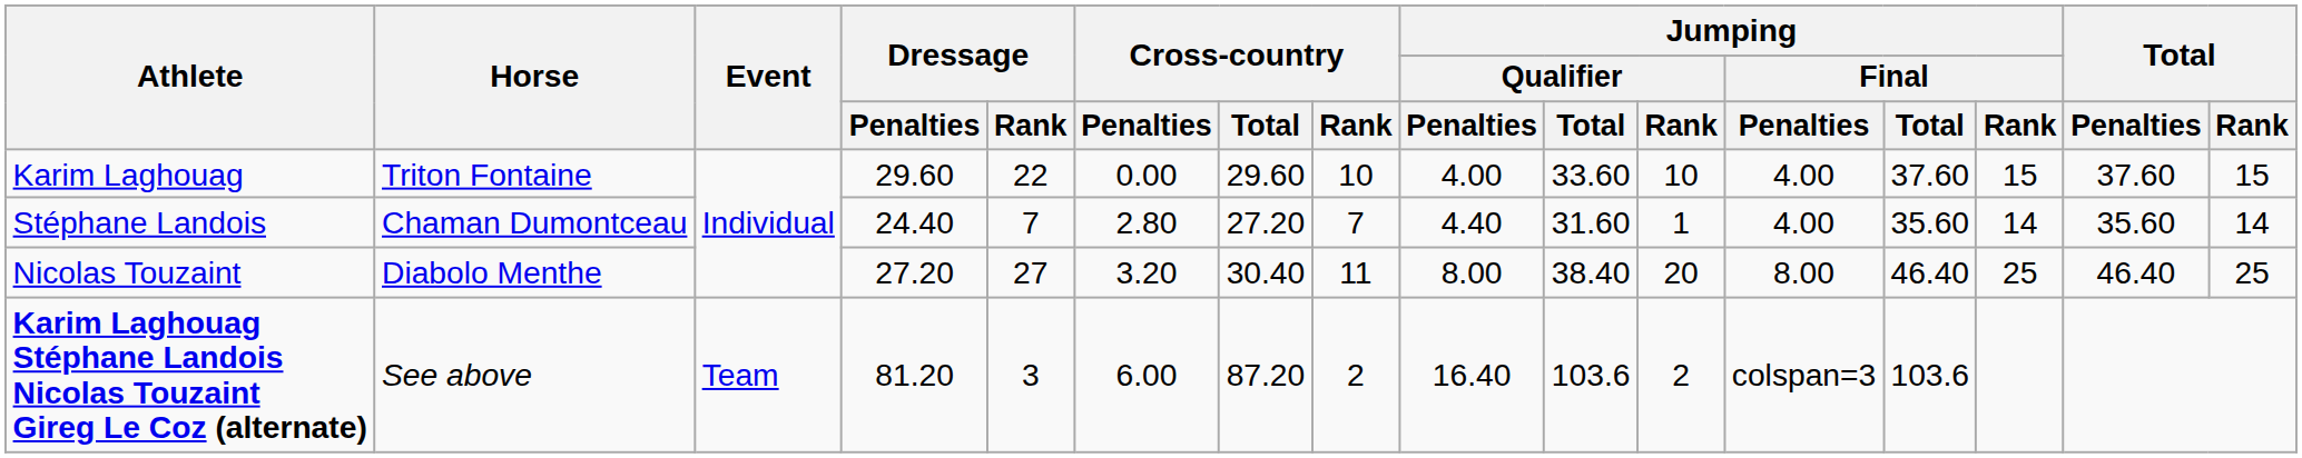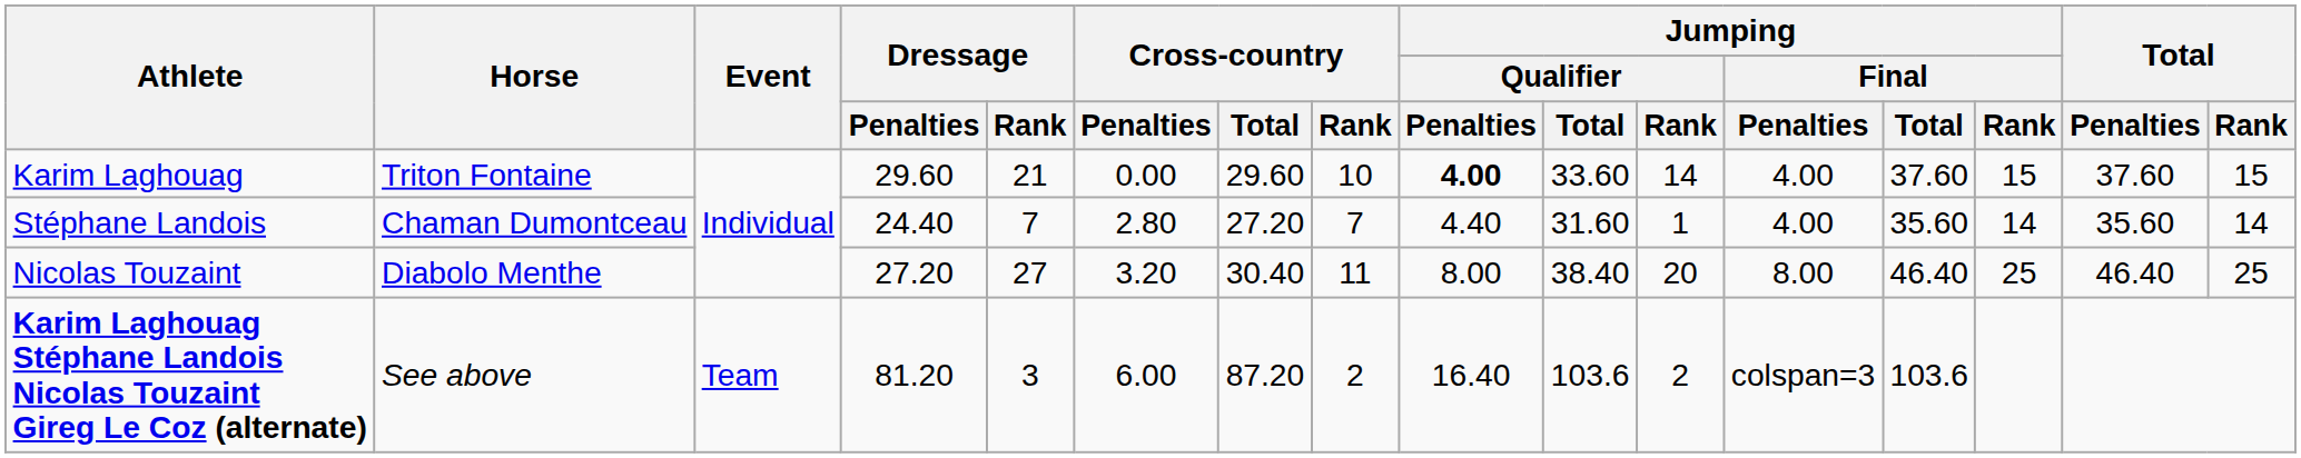 <table class=wikitable style=font-size:90%;text-align:center>
 <tr>
 <th rowspan="3">Athlete</th>
 <th rowspan="3">Horse</th>
 <th rowspan="3">Event</th>
 <th colspan="2" rowspan="2">Dressage</th>
 <th colspan="3" rowspan="2">Cross-country</th>
 <th colspan="6">Jumping</th>
 <th colspan="2" rowspan="2">Total</th>
 </tr>
 <tr style="font-size:95%">
 <th colspan="3">Qualifier</th>
 <th colspan="3">Final</th>
 </tr>
 <tr style="font-size:95%">
 <th>Penalties</th>
 <th>Rank</th>
 <th>Penalties</th>
 <th>Total</th>
 <th>Rank</th>
 <th>Penalties</th>
 <th>Total</th>
 <th>Rank</th>
 <th>Penalties</th>
 <th>Total</th>
 <th>Rank</th>
 <th>Penalties</th>
 <th>Rank</th>
 </tr>
 <tr>
 <td align=left><a href='#'>Karim Laghouag</a></td>
 <td align=left><a href='#'>Triton Fontaine</a></td>
 <td rowspan=3 align=left><a href='#'>Individual</a></td>
 <td>29.60</td>
-<td>22</td>
+<td>21</td>
 <td>0.00</td>
 <td>29.60</td>
 <td>10</td>
-<td>4.00</td>
+<td><strong>4.00</strong></td>
 <td>33.60</td>
-<td>10</td>
+<td>14</td>
 <td>4.00</td>
 <td>37.60</td>
 <td>15</td>
 <td>37.60</td>
 <td>15</td>
 </tr>
 <tr>
 <td align=left><a href='#'>Stéphane Landois</a></td>
 <td align=left><a href='#'>Chaman Dumontceau</a></td>
 <td>24.40</td>
 <td>7</td>
 <td>2.80</td>
 <td>27.20</td>
 <td>7</td>
 <td>4.40</td>
 <td>31.60</td>
 <td>1</td>
 <td>4.00</td>
 <td>35.60</td>
 <td>14</td>
 <td>35.60</td>
 <td>14</td>
 </tr>
 <tr>
 <td align=left><a href='#'>Nicolas Touzaint</a></td>
 <td align=left><a href='#'>Diabolo Menthe</a></td>
 <td>27.20</td>
 <td>27</td>
 <td>3.20</td>
 <td>30.40</td>
 <td>11</td>
 <td>8.00</td>
 <td>38.40</td>
 <td>20</td>
 <td>8.00</td>
 <td>46.40</td>
 <td>25</td>
 <td>46.40</td>
 <td>25</td>
 </tr>
 <tr>
 <td align=left><strong><a href='#'>Karim Laghouag</a><br><a href='#'>Stéphane Landois</a><br><a href='#'>Nicolas Touzaint</a><br><a href='#'>Gireg Le Coz</a> (alternate)</strong></td>
 <td align=left><em>See above</em></td>
 <td align=left><a href='#'>Team</a></td>
 <td>81.20</td>
 <td>3</td>
 <td>6.00</td>
 <td>87.20</td>
 <td>2</td>
 <td>16.40</td>
 <td>103.6</td>
 <td>2</td>
 <td>colspan=3 </td>
 <td>103.6</td>
 <td></td>
 </tr>
 </table>
